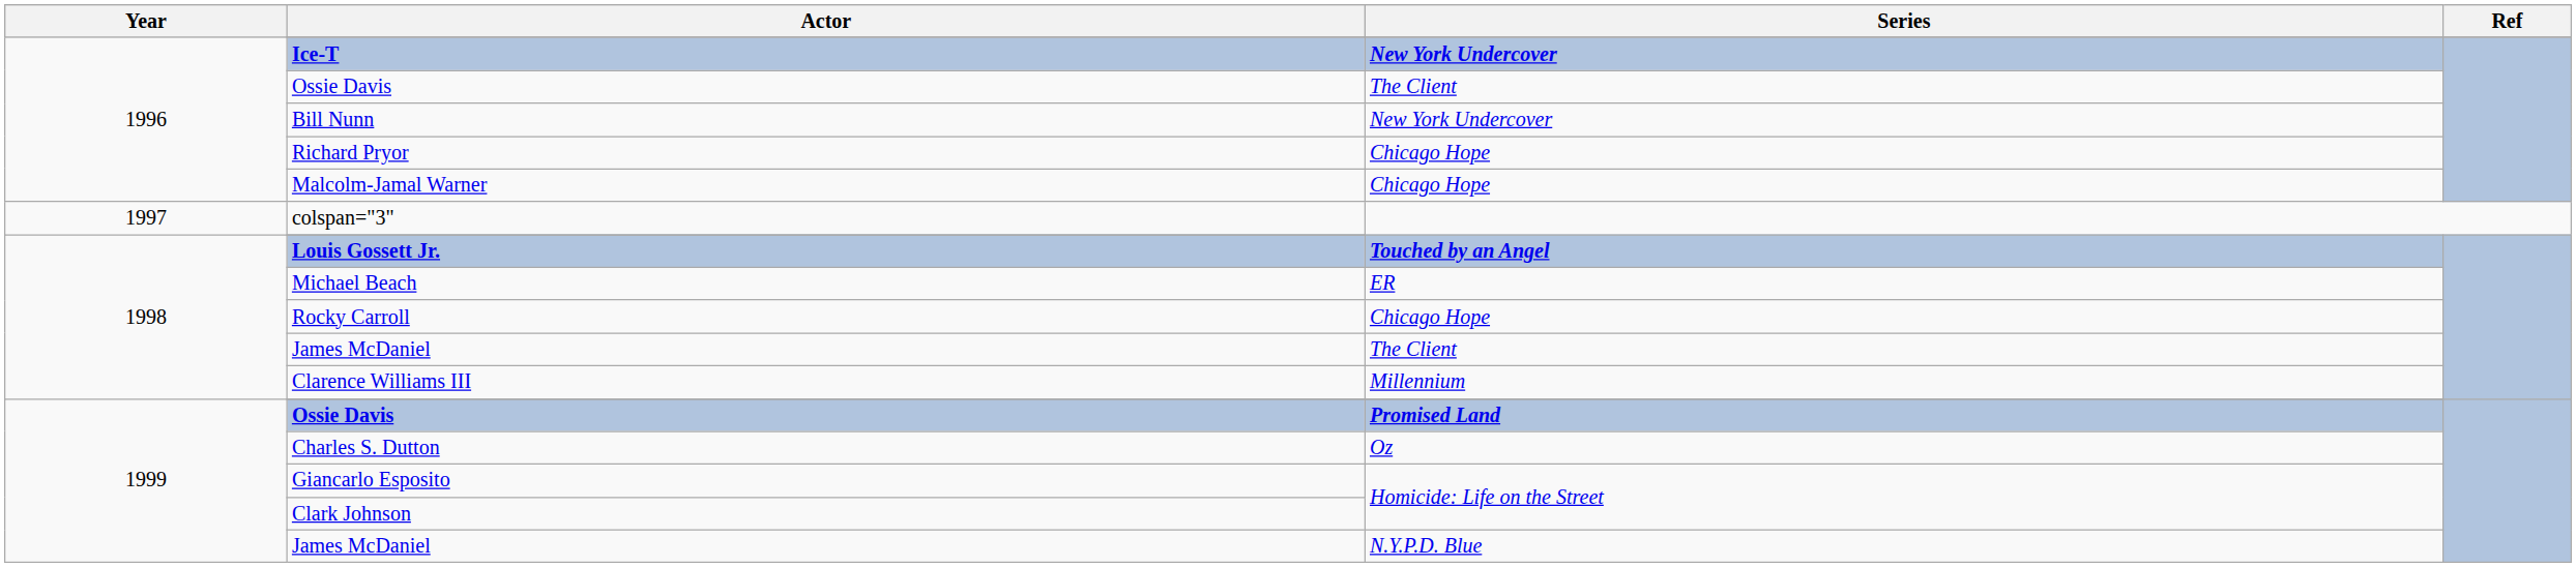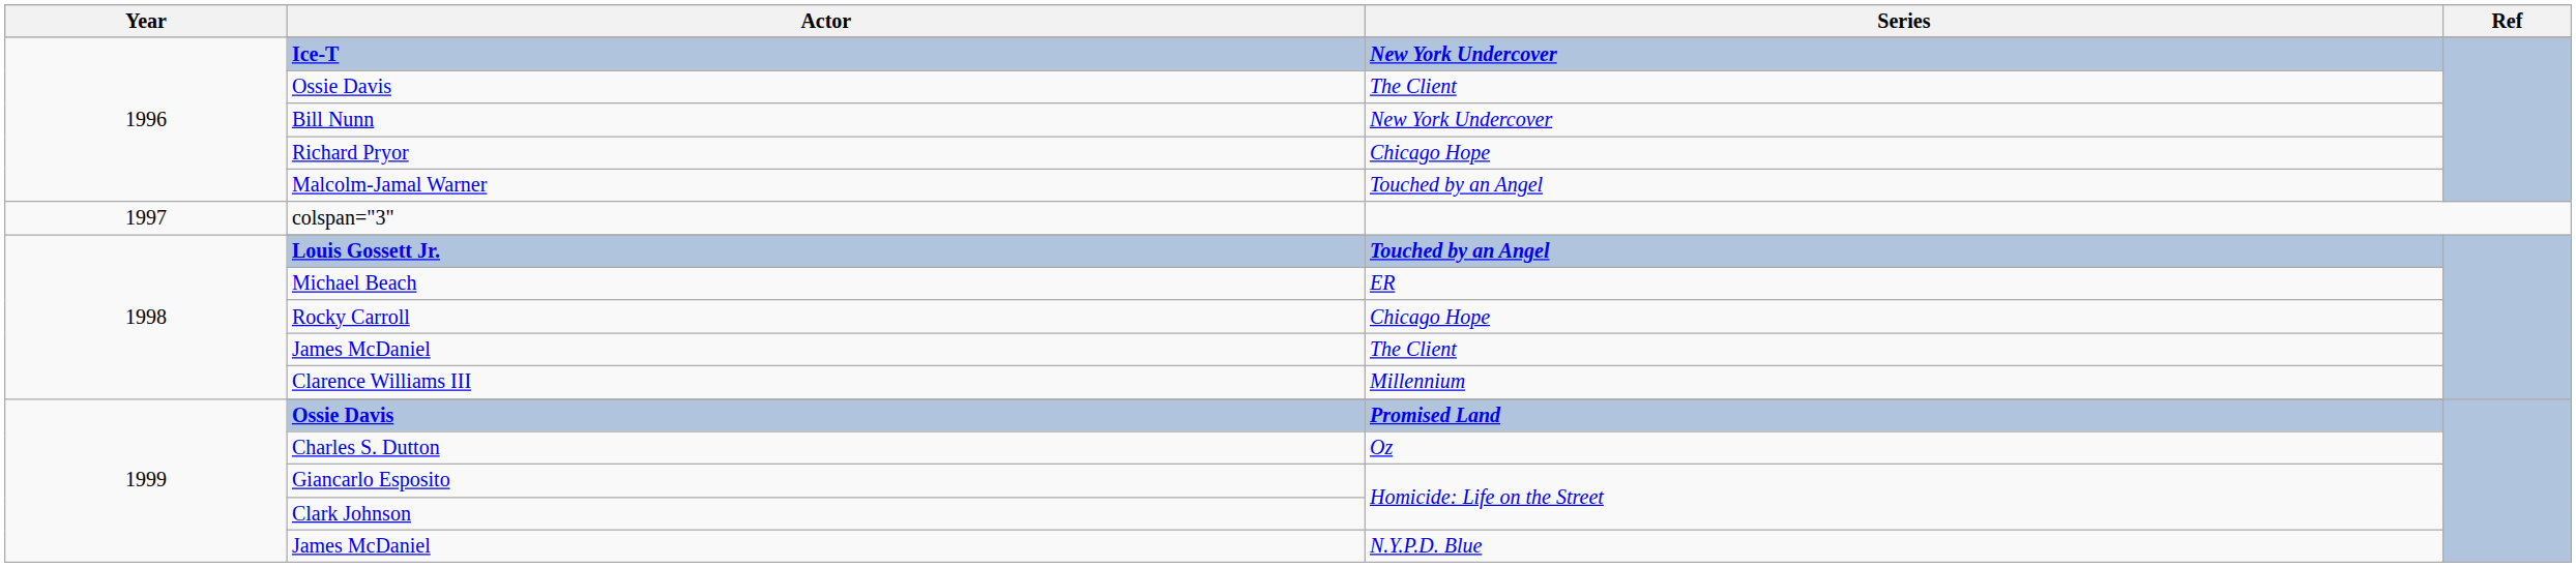 <table class="wikitable" style="width:100%;">
 <tr style="background:#bebebe;">
 <th style="width:11%;">Year</th>
 <th style="width:42%;">Actor</th>
 <th style="width:42%;">Series</th>
 <th style="width:5%;">Ref</th>
 </tr>
 <tr>
 <td rowspan="6" align="center">1996</td>
 </tr>
 <tr style="background:#B0C4DE">
 <td><strong><a href='#'>Ice-T</a></strong></td>
 <td><strong><em><a href='#'>New York Undercover</a></em></strong></td>
 <td rowspan="5" align="center"></td>
 </tr>
 <tr>
 <td><a href='#'>Ossie Davis</a></td>
 <td><em><a href='#'>The Client</a></em></td>
 </tr>
 <tr>
 <td><a href='#'>Bill Nunn</a></td>
 <td><em><a href='#'>New York Undercover</a></em></td>
 </tr>
 <tr>
 <td><a href='#'>Richard Pryor</a></td>
 <td><em><a href='#'>Chicago Hope</a></em></td>
 </tr>
 <tr>
 <td><a href='#'>Malcolm-Jamal Warner</a></td>
-<td><em><a href='#'>Chicago Hope</a></em></td>
+<td><em><a href='#'>Touched by an Angel</a></em></td>
 </tr>
 <tr>
 <td align="center">1997</td>
 <td>colspan="3" </td>
 </tr>
 <tr>
 <td rowspan="6" align="center">1998</td>
 </tr>
 <tr style="background:#B0C4DE">
 <td><strong><a href='#'>Louis Gossett Jr.</a></strong></td>
 <td><strong><em><a href='#'>Touched by an Angel</a></em></strong></td>
 <td rowspan="6" align="center"></td>
 </tr>
 <tr>
 <td><a href='#'>Michael Beach</a></td>
 <td><em><a href='#'>ER</a></em></td>
 </tr>
 <tr>
 <td><a href='#'>Rocky Carroll</a></td>
 <td><em><a href='#'>Chicago Hope</a></em></td>
 </tr>
 <tr>
 <td><a href='#'>James McDaniel</a></td>
 <td><em><a href='#'>The Client</a></em></td>
 </tr>
 <tr>
 <td><a href='#'>Clarence Williams III</a></td>
 <td><em><a href='#'>Millennium</a></em></td>
 </tr>
 <tr>
 <td rowspan="6" align="center">1999</td>
 </tr>
 <tr style="background:#B0C4DE">
 <td><strong><a href='#'>Ossie Davis</a></strong></td>
 <td><strong><em><a href='#'>Promised Land</a></em></strong></td>
 <td rowspan="6" align="center"></td>
 </tr>
 <tr>
 <td><a href='#'>Charles S. Dutton</a></td>
 <td><em><a href='#'>Oz</a></em></td>
 </tr>
 <tr>
 <td><a href='#'>Giancarlo Esposito</a></td>
 <td rowspan="2"><em><a href='#'>Homicide: Life on the Street</a></em></td>
 </tr>
 <tr>
 <td><a href='#'>Clark Johnson</a></td>
 </tr>
 <tr>
 <td><a href='#'>James McDaniel</a></td>
 <td><em><a href='#'>N.Y.P.D. Blue</a></em></td>
 </tr>
 </table>
